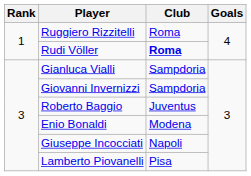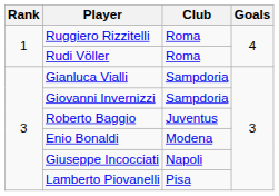 <table class="wikitable sortable" style="text-align:center">
 <tr>
 <th>Rank</th>
 <th>Player</th>
 <th>Club</th>
 <th>Goals</th>
 </tr>
 <tr>
 <td rowspan="2">1</td>
 <td align="left"><strong></strong> <a href='#'>Ruggiero Rizzitelli</a></td>
 <td align="left"><a href='#'>Roma</a></td>
 <td rowspan="2">4</td>
 </tr>
 <tr>
 <td align="left"><strong></strong> <a href='#'>Rudi Völler</a></td>
-<td align="left"><strong><a href='#'>Roma</a></strong></td>
+<td align="left"><a href='#'>Roma</a></td>
 </tr>
 <tr>
 <td rowspan="6">3</td>
 <td align="left"><strong></strong> <a href='#'>Gianluca Vialli</a></td>
 <td align="left"><a href='#'>Sampdoria</a></td>
 <td rowspan="6">3</td>
 </tr>
 <tr>
 <td align="left"><strong></strong> <a href='#'>Giovanni Invernizzi</a></td>
 <td align="left"><a href='#'>Sampdoria</a></td>
 </tr>
 <tr>
 <td align="left"><strong></strong> <a href='#'>Roberto Baggio</a></td>
 <td align="left"><a href='#'>Juventus</a></td>
 </tr>
 <tr>
 <td align="left"><strong></strong> <a href='#'>Enio Bonaldi</a></td>
 <td align="left"><a href='#'>Modena</a></td>
 </tr>
 <tr>
 <td align="left"><strong></strong> <a href='#'>Giuseppe Incocciati</a></td>
 <td align="left"><a href='#'>Napoli</a></td>
 </tr>
 <tr>
 <td align="left"><strong></strong> <a href='#'>Lamberto Piovanelli</a></td>
 <td align="left"><a href='#'>Pisa</a></td>
 </tr>
 </table>
